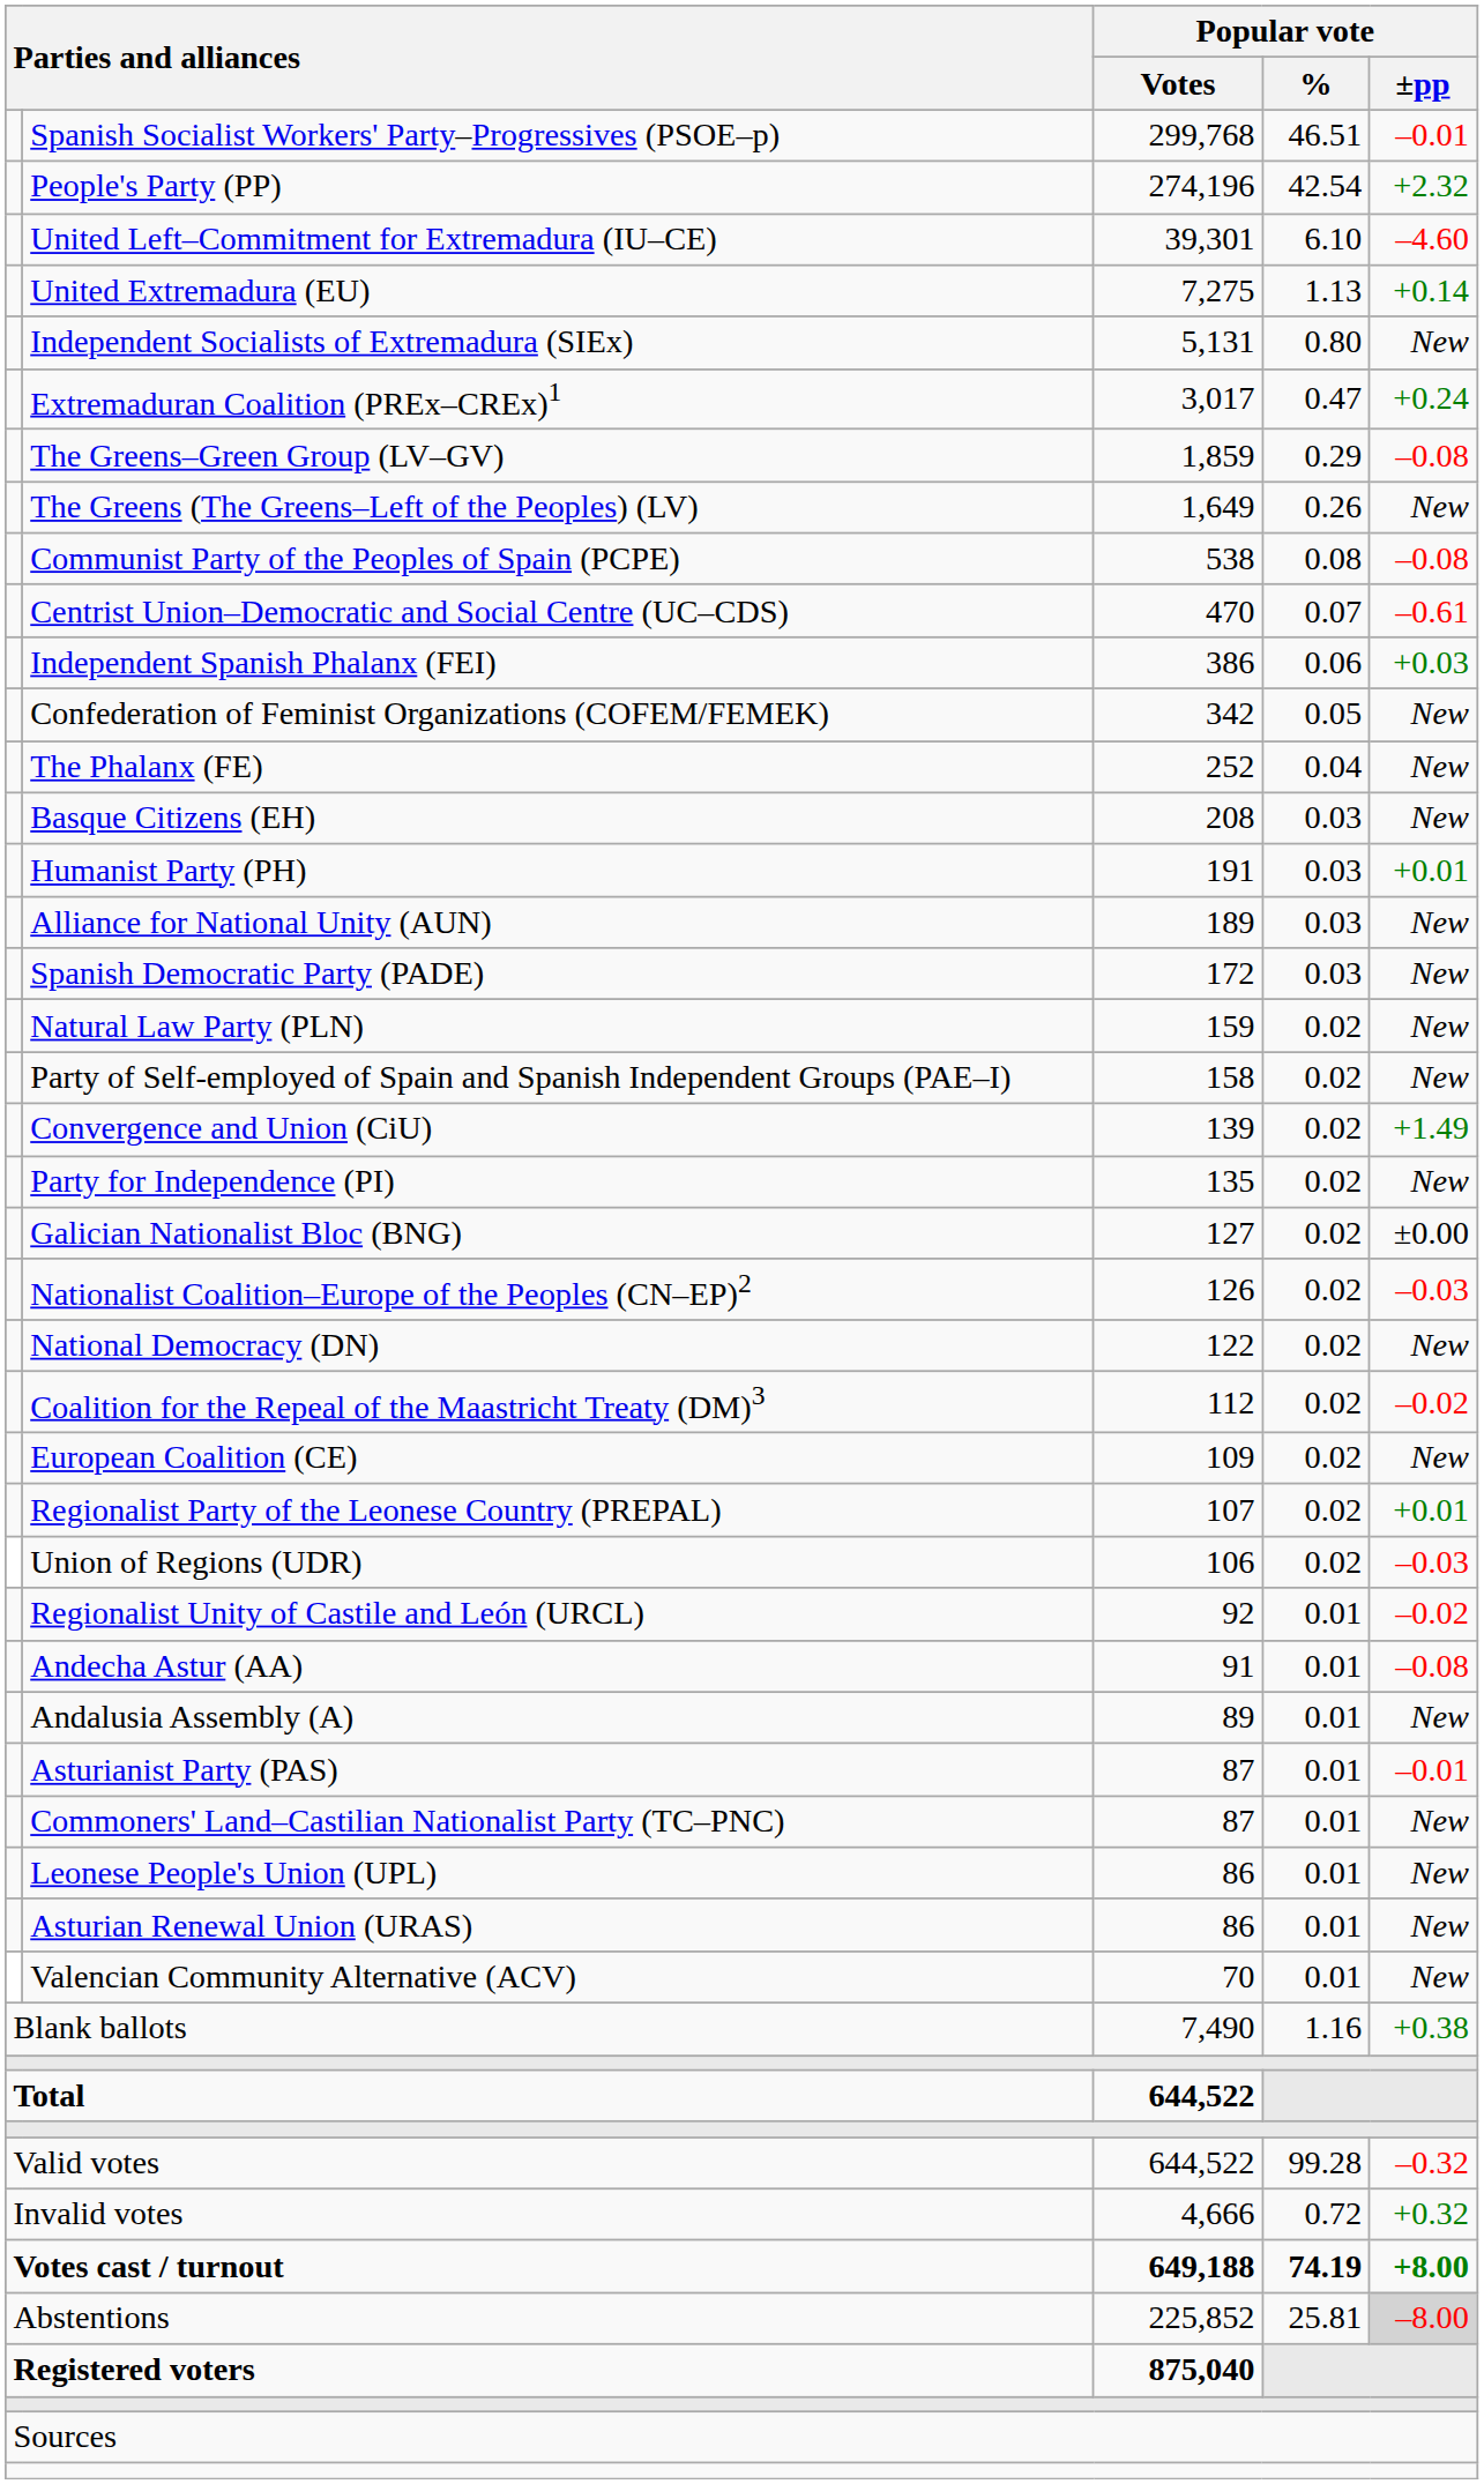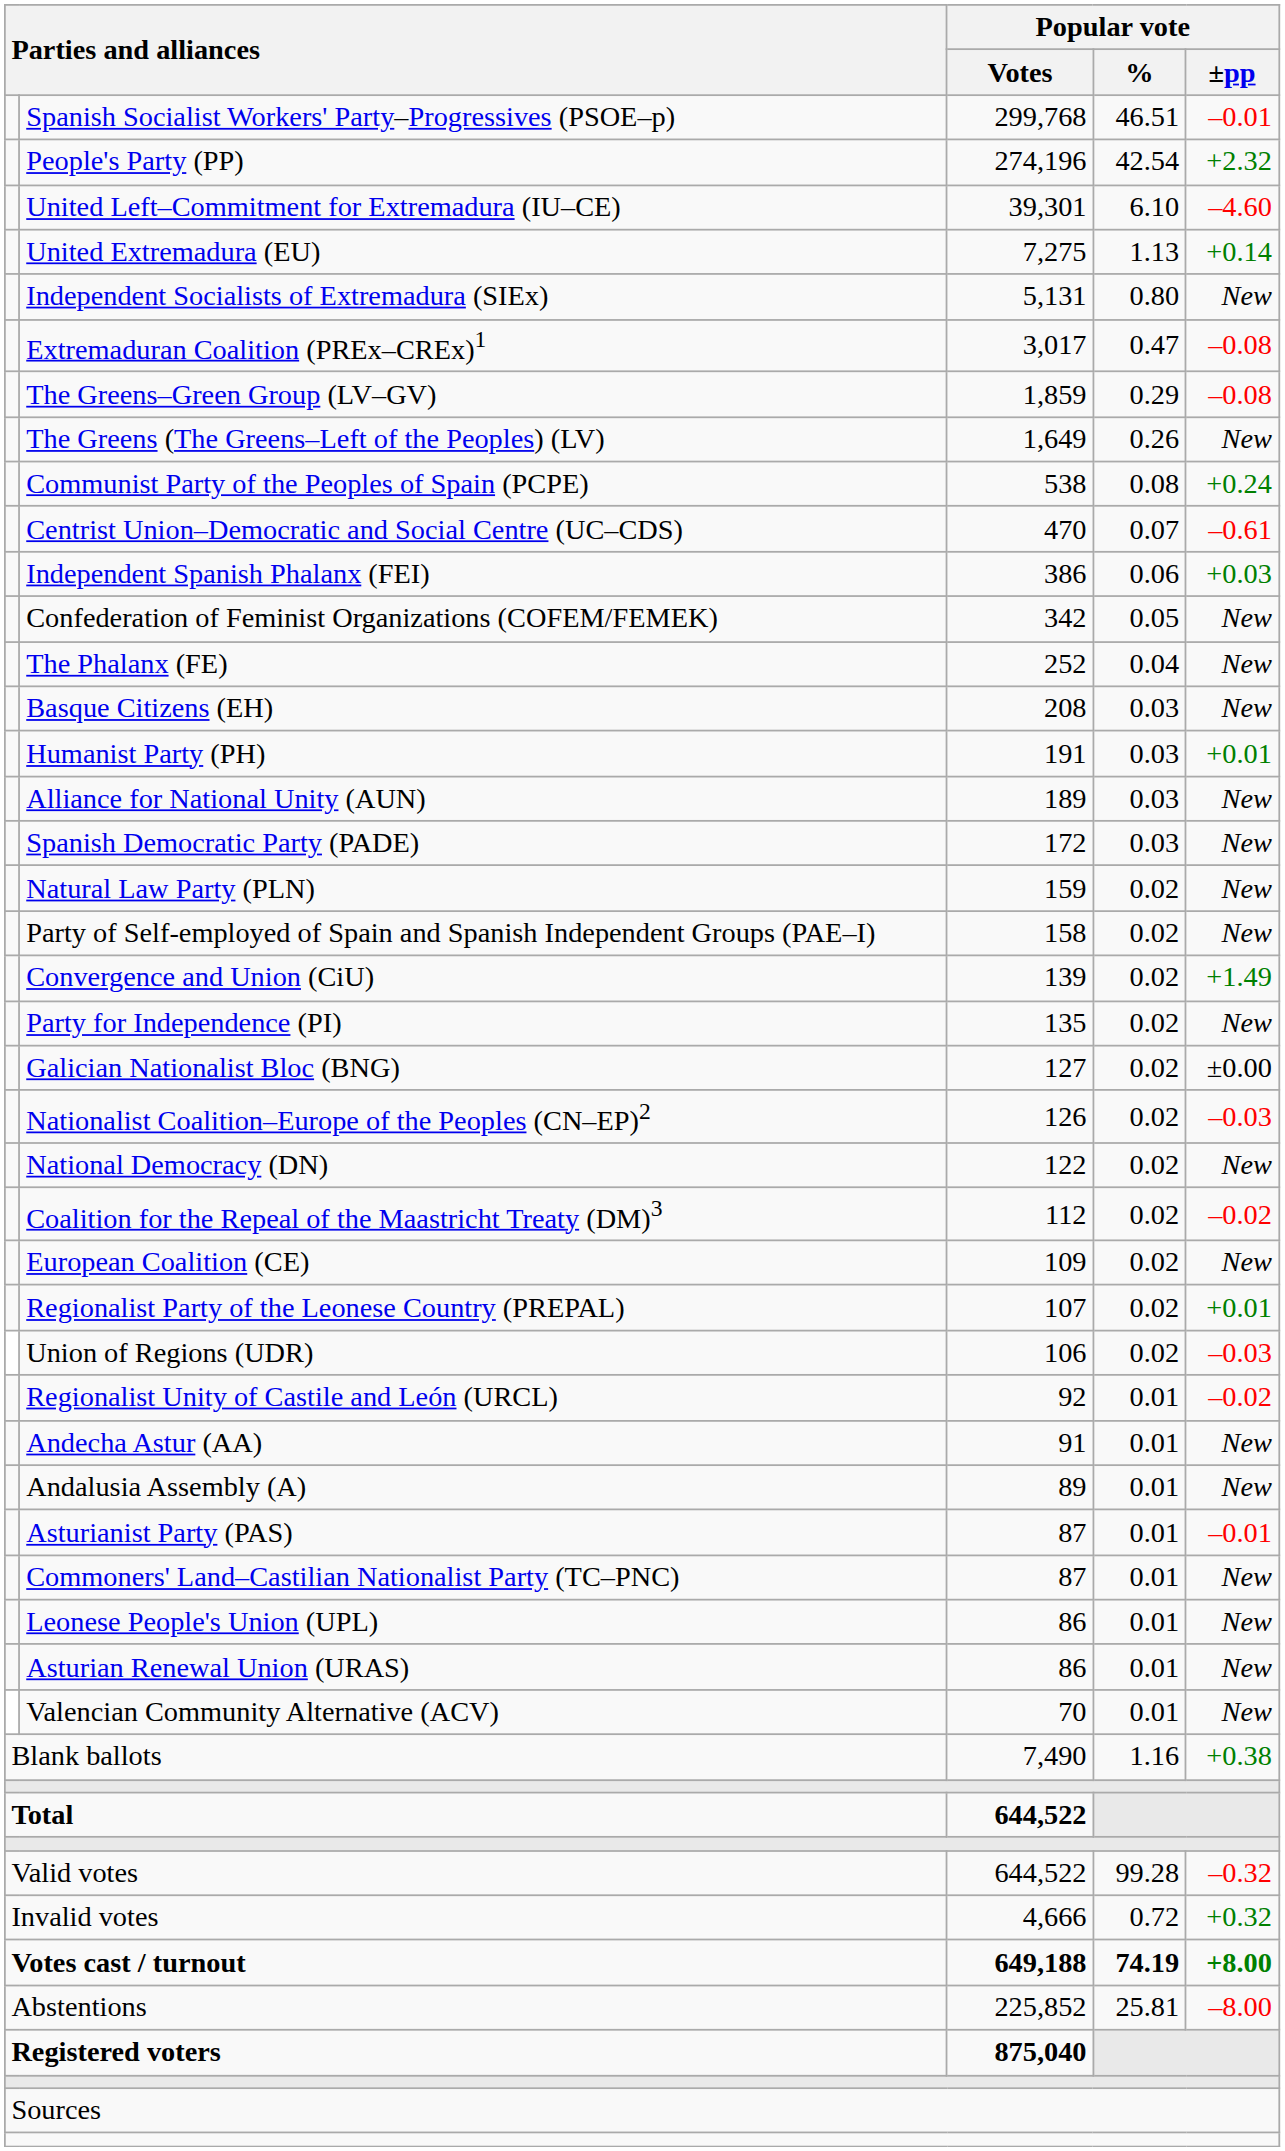 <table class="wikitable" style="text-align:right">
 <tr>
 <th style="text-align:left;" rowspan="2" colspan="2" width="525">Parties and alliances</th>
 <th colspan="3">Popular vote</th>
 </tr>
 <tr>
 <th width="75">Votes</th>
 <th width="45">%</th>
 <th width="45">±<a href='#'>pp</a></th>
 </tr>
 <tr>
 <td width="1" style="color:inherit;background:"></td>
 <td align="left"><a href='#'>Spanish Socialist Workers' Party</a>–<a href='#'>Progressives</a> (PSOE–p)</td>
 <td>299,768</td>
 <td>46.51</td>
 <td style="color:red;">–0.01</td>
 </tr>
 <tr>
 <td style="color:inherit;background:"></td>
 <td align="left"><a href='#'>People's Party</a> (PP)</td>
 <td>274,196</td>
 <td>42.54</td>
 <td style="color:green;">+2.32</td>
 </tr>
 <tr>
 <td style="color:inherit;background:"></td>
 <td align="left"><a href='#'>United Left–Commitment for Extremadura</a> (IU–CE)</td>
 <td>39,301</td>
 <td>6.10</td>
 <td style="color:red;">–4.60</td>
 </tr>
 <tr>
 <td style="color:inherit;background:"></td>
 <td align="left"><a href='#'>United Extremadura</a> (EU)</td>
 <td>7,275</td>
 <td>1.13</td>
 <td style="color:green;">+0.14</td>
 </tr>
 <tr>
 <td style="color:inherit;background:"></td>
 <td align="left"><a href='#'>Independent Socialists of Extremadura</a> (SIEx)</td>
 <td>5,131</td>
 <td>0.80</td>
 <td><em>New</em></td>
 </tr>
 <tr>
 <td style="color:inherit;background:"></td>
 <td align="left"><a href='#'>Extremaduran Coalition</a> (PREx–CREx)<sup>1</sup></td>
 <td>3,017</td>
 <td>0.47</td>
-<td style="color:green;">+0.24</td>
+<td style="color:red;">–0.08</td>
 </tr>
 <tr>
 <td style="color:inherit;background:"></td>
 <td align="left"><a href='#'>The Greens–Green Group</a> (LV–GV)</td>
 <td>1,859</td>
 <td>0.29</td>
 <td style="color:red;">–0.08</td>
 </tr>
 <tr>
 <td style="color:inherit;background:"></td>
 <td align="left"><a href='#'>The Greens</a> (<a href='#'>The Greens–Left of the Peoples</a>) (LV)</td>
 <td>1,649</td>
 <td>0.26</td>
 <td><em>New</em></td>
 </tr>
 <tr>
 <td style="color:inherit;background:"></td>
 <td align="left"><a href='#'>Communist Party of the Peoples of Spain</a> (PCPE)</td>
 <td>538</td>
 <td>0.08</td>
-<td style="color:red;">–0.08</td>
+<td style="color:green;">+0.24</td>
 </tr>
 <tr>
 <td style="color:inherit;background:"></td>
 <td align="left"><a href='#'>Centrist Union–Democratic and Social Centre</a> (UC–CDS)</td>
 <td>470</td>
 <td>0.07</td>
 <td style="color:red;">–0.61</td>
 </tr>
 <tr>
 <td style="color:inherit;background:"></td>
 <td align="left"><a href='#'>Independent Spanish Phalanx</a> (FEI)</td>
 <td>386</td>
 <td>0.06</td>
 <td style="color:green;">+0.03</td>
 </tr>
 <tr>
 <td style="color:inherit;background:"></td>
 <td align="left">Confederation of Feminist Organizations (COFEM/FEMEK)</td>
 <td>342</td>
 <td>0.05</td>
 <td><em>New</em></td>
 </tr>
 <tr>
 <td style="color:inherit;background:"></td>
 <td align="left"><a href='#'>The Phalanx</a> (FE)</td>
 <td>252</td>
 <td>0.04</td>
 <td><em>New</em></td>
 </tr>
 <tr>
 <td style="color:inherit;background:"></td>
 <td align="left"><a href='#'>Basque Citizens</a> (EH)</td>
 <td>208</td>
 <td>0.03</td>
 <td><em>New</em></td>
 </tr>
 <tr>
 <td style="color:inherit;background:"></td>
 <td align="left"><a href='#'>Humanist Party</a> (PH)</td>
 <td>191</td>
 <td>0.03</td>
 <td style="color:green;">+0.01</td>
 </tr>
 <tr>
 <td style="color:inherit;background:"></td>
 <td align="left"><a href='#'>Alliance for National Unity</a> (AUN)</td>
 <td>189</td>
 <td>0.03</td>
 <td><em>New</em></td>
 </tr>
 <tr>
 <td style="color:inherit;background:"></td>
 <td align="left"><a href='#'>Spanish Democratic Party</a> (PADE)</td>
 <td>172</td>
 <td>0.03</td>
 <td><em>New</em></td>
 </tr>
 <tr>
 <td style="color:inherit;background:"></td>
 <td align="left"><a href='#'>Natural Law Party</a> (PLN)</td>
 <td>159</td>
 <td>0.02</td>
 <td><em>New</em></td>
 </tr>
 <tr>
 <td style="color:inherit;background:"></td>
 <td align="left">Party of Self-employed of Spain and Spanish Independent Groups (PAE–I)</td>
 <td>158</td>
 <td>0.02</td>
 <td><em>New</em></td>
 </tr>
 <tr>
 <td style="color:inherit;background:"></td>
 <td align="left"><a href='#'>Convergence and Union</a> (CiU)</td>
 <td>139</td>
 <td>0.02</td>
 <td style="color:green;">+1.49</td>
 </tr>
 <tr>
 <td style="color:inherit;background:"></td>
 <td align="left"><a href='#'>Party for Independence</a> (PI)</td>
 <td>135</td>
 <td>0.02</td>
 <td><em>New</em></td>
 </tr>
 <tr>
 <td style="color:inherit;background:"></td>
 <td align="left"><a href='#'>Galician Nationalist Bloc</a> (BNG)</td>
 <td>127</td>
 <td>0.02</td>
 <td>±0.00</td>
 </tr>
 <tr>
 <td style="color:inherit;background:"></td>
 <td align="left"><a href='#'>Nationalist Coalition–Europe of the Peoples</a> (CN–EP)<sup>2</sup></td>
 <td>126</td>
 <td>0.02</td>
 <td style="color:red;">–0.03</td>
 </tr>
 <tr>
 <td style="color:inherit;background:"></td>
 <td align="left"><a href='#'>National Democracy</a> (DN)</td>
 <td>122</td>
 <td>0.02</td>
 <td><em>New</em></td>
 </tr>
 <tr>
 <td style="color:inherit;background:"></td>
 <td align="left"><a href='#'>Coalition for the Repeal of the Maastricht Treaty</a> (DM)<sup>3</sup></td>
 <td>112</td>
 <td>0.02</td>
 <td style="color:red;">–0.02</td>
 </tr>
 <tr>
 <td style="color:inherit;background:"></td>
 <td align="left"><a href='#'>European Coalition</a> (CE)</td>
 <td>109</td>
 <td>0.02</td>
 <td><em>New</em></td>
 </tr>
 <tr>
 <td style="color:inherit;background:"></td>
 <td align="left"><a href='#'>Regionalist Party of the Leonese Country</a> (PREPAL)</td>
 <td>107</td>
 <td>0.02</td>
 <td style="color:green;">+0.01</td>
 </tr>
 <tr>
 <td bgcolor="white"></td>
 <td align="left">Union of Regions (UDR)</td>
 <td>106</td>
 <td>0.02</td>
 <td style="color:red;">–0.03</td>
 </tr>
 <tr>
 <td style="color:inherit;background:"></td>
 <td align="left"><a href='#'>Regionalist Unity of Castile and León</a> (URCL)</td>
 <td>92</td>
 <td>0.01</td>
 <td style="color:red;">–0.02</td>
 </tr>
 <tr>
 <td style="color:inherit;background:"></td>
 <td align="left"><a href='#'>Andecha Astur</a> (AA)</td>
 <td>91</td>
 <td>0.01</td>
-<td style="color:red;">–0.08</td>
+<td><em>New</em></td>
 </tr>
 <tr>
 <td style="color:inherit;background:"></td>
 <td align="left">Andalusia Assembly (A)</td>
 <td>89</td>
 <td>0.01</td>
 <td><em>New</em></td>
 </tr>
 <tr>
 <td style="color:inherit;background:"></td>
 <td align="left"><a href='#'>Asturianist Party</a> (PAS)</td>
 <td>87</td>
 <td>0.01</td>
 <td style="color:red;">–0.01</td>
 </tr>
 <tr>
 <td style="color:inherit;background:"></td>
 <td align="left"><a href='#'>Commoners' Land–Castilian Nationalist Party</a> (TC–PNC)</td>
 <td>87</td>
 <td>0.01</td>
 <td><em>New</em></td>
 </tr>
 <tr>
 <td style="color:inherit;background:"></td>
 <td align="left"><a href='#'>Leonese People's Union</a> (UPL)</td>
 <td>86</td>
 <td>0.01</td>
 <td><em>New</em></td>
 </tr>
 <tr>
 <td style="color:inherit;background:"></td>
 <td align="left"><a href='#'>Asturian Renewal Union</a> (URAS)</td>
 <td>86</td>
 <td>0.01</td>
 <td><em>New</em></td>
 </tr>
 <tr>
 <td bgcolor="white"></td>
 <td align="left">Valencian Community Alternative (ACV)</td>
 <td>70</td>
 <td>0.01</td>
 <td><em>New</em></td>
 </tr>
 <tr>
 <td align="left" colspan="2">Blank ballots</td>
 <td>7,490</td>
 <td>1.16</td>
 <td style="color:green;">+0.38</td>
 </tr>
 <tr>
 <td colspan="5" bgcolor="#E9E9E9"></td>
 </tr>
 <tr style="font-weight:bold;">
 <td align="left" colspan="2">Total</td>
 <td>644,522</td>
 <td bgcolor="#E9E9E9" colspan="2"></td>
 </tr>
 <tr>
 <td colspan="5" bgcolor="#E9E9E9"></td>
 </tr>
 <tr>
 <td align="left" colspan="2">Valid votes</td>
 <td>644,522</td>
 <td>99.28</td>
 <td style="color:red;">–0.32</td>
 </tr>
 <tr>
 <td align="left" colspan="2">Invalid votes</td>
 <td>4,666</td>
 <td>0.72</td>
 <td style="color:green;">+0.32</td>
 </tr>
 <tr style="font-weight:bold;">
 <td align="left" colspan="2">Votes cast / turnout</td>
 <td>649,188</td>
 <td>74.19</td>
 <td style="color:green;">+8.00</td>
 </tr>
 <tr>
 <td align="left" colspan="2">Abstentions</td>
 <td>225,852</td>
 <td>25.81</td>
-<td style="background: lightgrey; color:red;">–8.00</td>
+<td style="color:red;">–8.00</td>
 </tr>
 <tr style="font-weight:bold;">
 <td align="left" colspan="2">Registered voters</td>
 <td>875,040</td>
 <td bgcolor="#E9E9E9" colspan="2"></td>
 </tr>
 <tr>
 <td colspan="5" bgcolor="#E9E9E9"></td>
 </tr>
 <tr>
 <td align="left" colspan="5">Sources</td>
 </tr>
 <tr>
 <td colspan="5" style="text-align:left; max-width:680px;"></td>
 </tr>
 </table>
